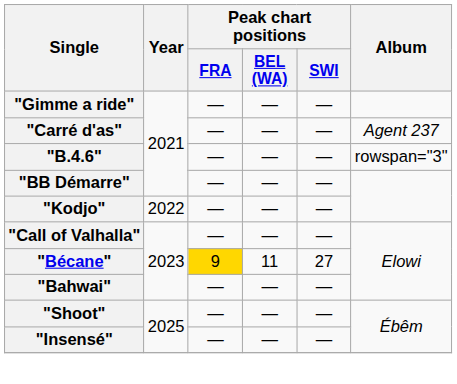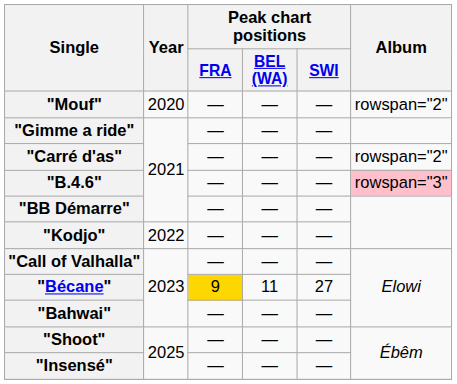 <table class="wikitable plainrowheaders" style="text-align:center;">
 <tr>
 <th scope="col" rowspan="2">Single</th>
 <th scope="col" rowspan="2">Year</th>
 <th scope="col" colspan="3">Peak chart positions</th>
 <th scope="col" rowspan="2">Album</th>
 </tr>
 <tr>
 <th scope="col" style="width:3em;font-size:95%;"><a href='#'>FRA</a><br></th>
 <th scope="col" style="width:3em;font-size:95%;"><a href='#'>BEL (WA)</a><br></th>
 <th scope="col" style="width:3em;font-size:95%;"><a href='#'>SWI</a><br></th>
 </tr>
 <tr>
+<th scope="row">"Mouf"</th>
+<td>2020</td>
+<td>—</td>
+<td>—</td>
+<td>—</td>
+<td>rowspan="2" </td>
+</tr>
+<tr>
 <th scope="row">"Gimme a ride"</th>
 <td rowspan="4">2021</td>
 <td>—</td>
 <td>—</td>
 <td>—</td>
 </tr>
 <tr>
 <th scope="row">"Carré d'as"</th>
 <td>—</td>
 <td>—</td>
 <td>—</td>
-<td><em>Agent 237</em></td>
+<td>rowspan="2" </td>
 </tr>
 <tr>
 <th scope="row">"B.4.6"</th>
 <td>—</td>
 <td>—</td>
 <td>—</td>
-<td>rowspan="3" </td>
+<td style="background: pink;">rowspan="3" </td>
 </tr>
 <tr>
 <th scope="row">"BB Démarre"</th>
 <td>—</td>
 <td>—</td>
 <td>—</td>
 </tr>
 <tr>
 <th scope="row">"Kodjo"</th>
 <td>2022</td>
 <td>—</td>
 <td>—</td>
 <td>—</td>
 </tr>
 <tr>
 <th scope="row">"Call of Valhalla"</th>
 <td rowspan="3">2023</td>
 <td>—</td>
 <td>—</td>
 <td>—</td>
 <td rowspan="3"><em>Elowi</em></td>
 </tr>
 <tr>
 <th scope="row">"<a href='#'>Bécane</a>"</th>
 <td style="background: gold;">9</td>
 <td>11</td>
 <td>27</td>
 </tr>
 <tr>
 <th scope="row">"Bahwai"</th>
 <td>—</td>
 <td>—</td>
 <td>—</td>
 </tr>
 <tr>
 <th scope="row">"Shoot"</th>
 <td rowspan="2">2025</td>
 <td>—</td>
 <td>—</td>
 <td>—</td>
 <td rowspan="2"><em>Ébêm</em></td>
 </tr>
 <tr>
 <th scope="row">"Insensé"</th>
 <td>—</td>
 <td>—</td>
 <td>—</td>
 </tr>
 <tr>
 </tr>
 </table>
